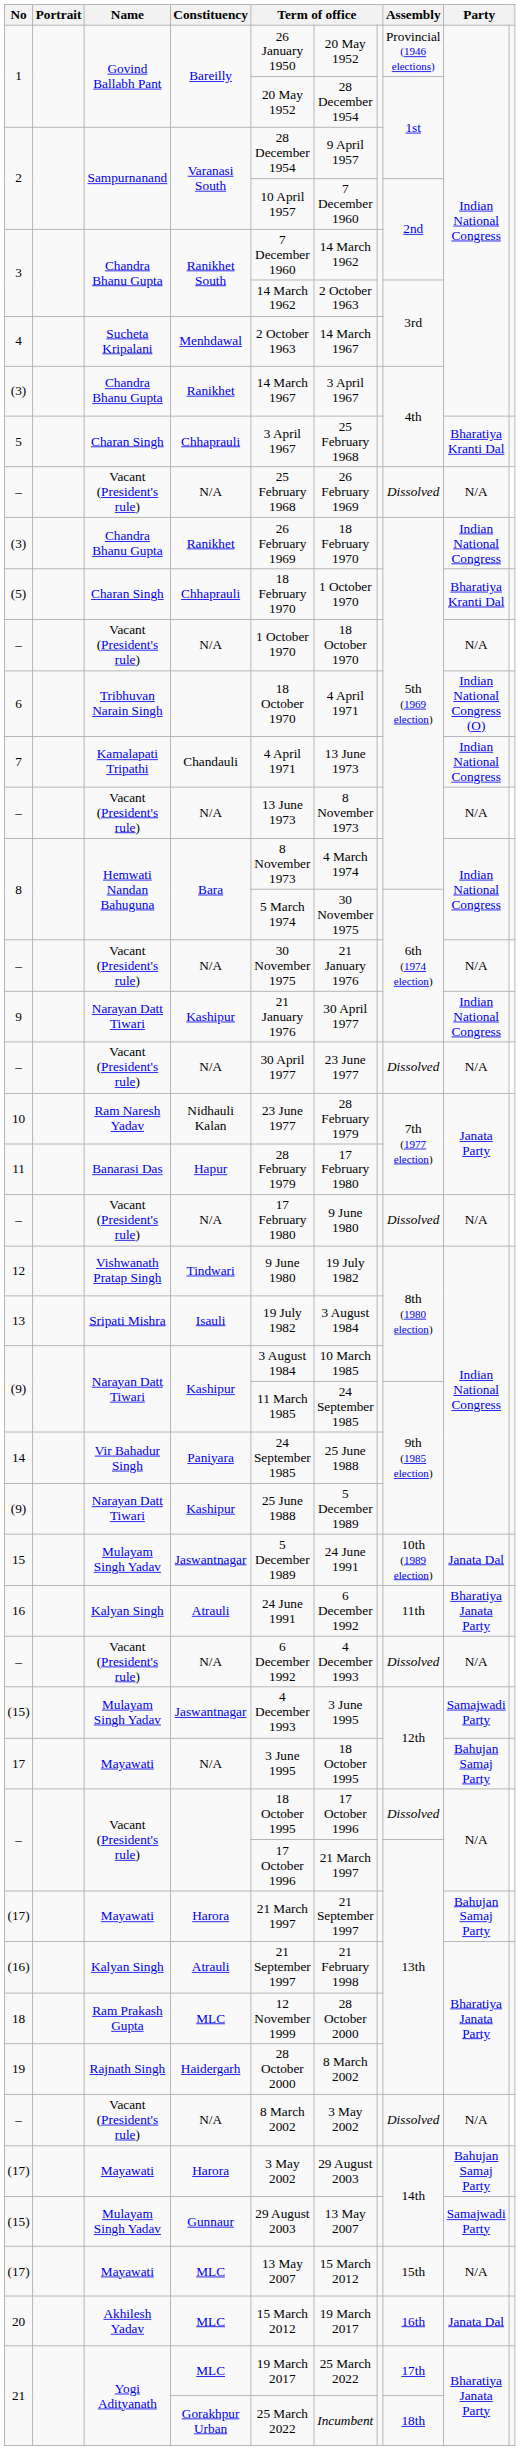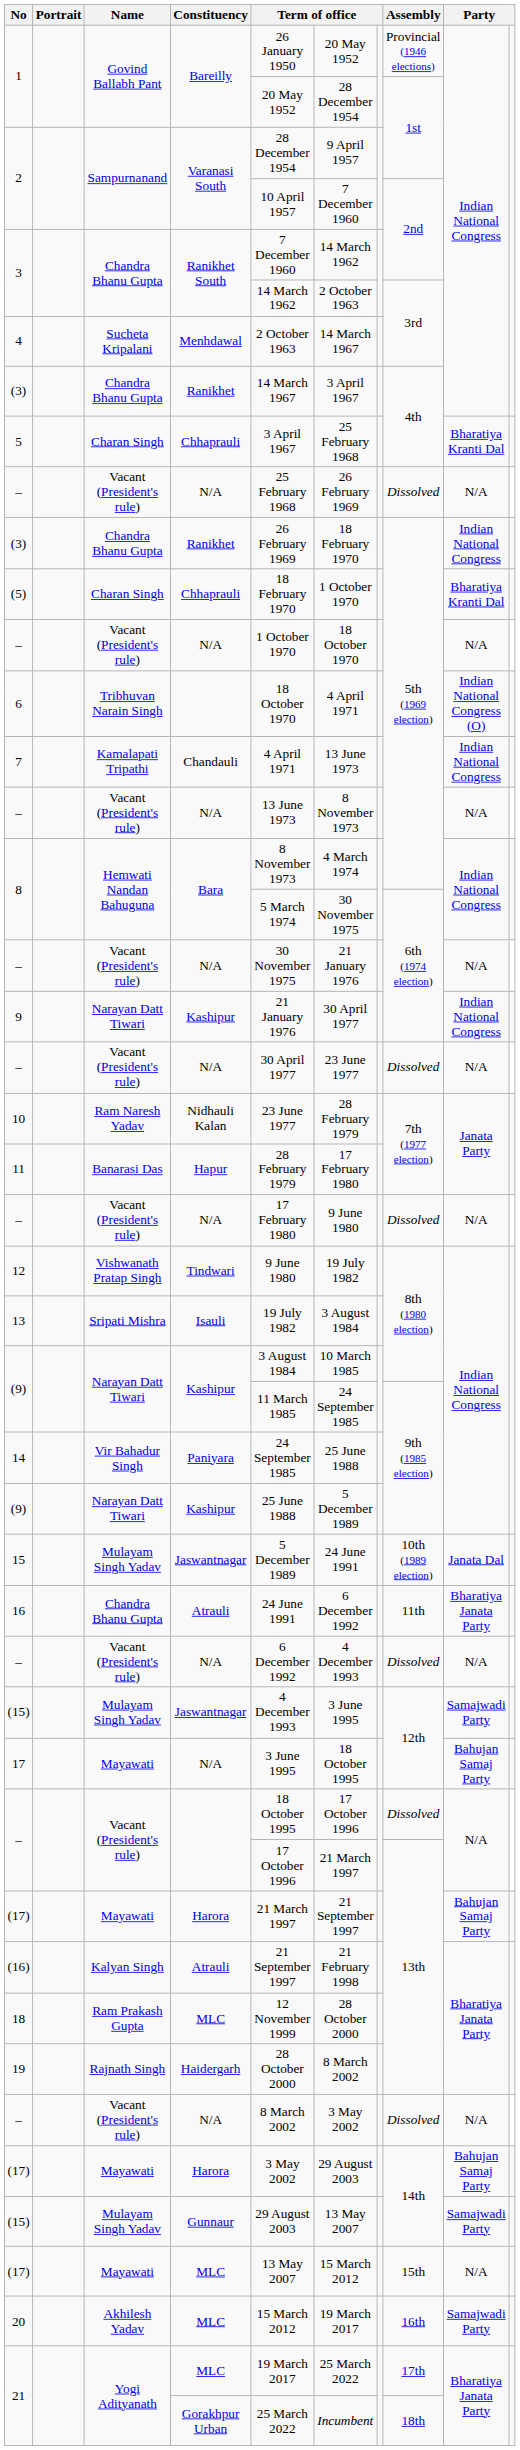 <table class="wikitable">
 <tr>
 <th>No</th>
 <th>Portrait</th>
 <th>Name</th>
 <th>Constituency</th>
 <th colspan="3">Term of office</th>
 <th>Assembly       <br></th>
 <th colspan="2">Party</th>
 </tr>
 <tr align="center">
 <td rowspan="2" style="height: 60px;">1</td>
 <td rowspan="2"></td>
 <td rowspan="2"><a href='#'>Govind Ballabh Pant</a></td>
 <td rowspan="2"><a href='#'>Bareilly</a></td>
 <td>26 January 1950</td>
 <td>20 May 1952</td>
 <td rowspan="2"></td>
 <td>Provincial<br><a href='#'><small>(1946 elections)</small></a></td>
 <td rowspan="8"><a href='#'>Indian National Congress</a></td>
 <td rowspan="8" style="background-color: "></td>
 </tr>
 <tr align="center">
 <td>20 May 1952</td>
 <td>28 December 1954</td>
 <td rowspan="2"><a href='#'>1st</a><br></td>
 </tr>
 <tr align="center">
 <td rowspan="2" style="height: 60px;">2</td>
 <td rowspan="2"></td>
 <td rowspan="2"><a href='#'>Sampurnanand</a></td>
 <td rowspan="2"><a href='#'>Varanasi South</a></td>
 <td>28 December 1954</td>
 <td>9 April 1957</td>
 <td rowspan="2"></td>
 </tr>
 <tr align="center">
 <td>10 April 1957</td>
 <td>7 December 1960</td>
 <td rowspan="2"><a href='#'>2nd</a><br></td>
 </tr>
 <tr align="center">
 <td rowspan="2" style="height: 60px;">3</td>
 <td rowspan="2"></td>
 <td rowspan="2"><a href='#'>Chandra Bhanu Gupta</a></td>
 <td rowspan="2"><a href='#'>Ranikhet South</a></td>
 <td>7 December 1960</td>
 <td>14 March 1962</td>
 <td rowspan="2"></td>
 </tr>
 <tr align="center">
 <td>14 March 1962</td>
 <td>2 October 1963</td>
 <td rowspan="2">3rd<br></td>
 </tr>
 <tr align="center" style="height: 60px;">
 <td>4</td>
 <td></td>
 <td><a href='#'>Sucheta Kripalani</a></td>
 <td><a href='#'>Menhdawal</a></td>
 <td>2 October 1963</td>
 <td>14 March 1967</td>
 <td></td>
 </tr>
 <tr align="center" style="height: 60px;">
 <td>(3)</td>
 <td></td>
 <td><a href='#'>Chandra Bhanu Gupta</a></td>
 <td><a href='#'>Ranikhet</a></td>
 <td>14 March 1967</td>
 <td>3 April 1967</td>
 <td></td>
 <td rowspan="2">4th<br></td>
 </tr>
 <tr align="center" style="height: 60px;">
 <td>5</td>
 <td></td>
 <td><a href='#'>Charan Singh</a></td>
 <td><a href='#'>Chhaprauli</a></td>
 <td>3 April 1967</td>
 <td>25 February 1968</td>
 <td></td>
 <td><a href='#'>Bharatiya Kranti Dal</a></td>
 <td style="background-color: "></td>
 </tr>
 <tr align="center" style="height: 60px;">
 <td>–</td>
 <td></td>
 <td>Vacant<br>(<a href='#'>President's rule</a>)</td>
 <td>N/A</td>
 <td>25 February 1968</td>
 <td>26 February 1969</td>
 <td></td>
 <td><em>Dissolved</em></td>
 <td>N/A</td>
 <td style="background-color: white"></td>
 </tr>
 <tr align="center" style="height: 60px;">
 <td>(3)</td>
 <td></td>
 <td><a href='#'>Chandra Bhanu Gupta</a></td>
 <td><a href='#'>Ranikhet</a></td>
 <td>26 February 1969</td>
 <td>18 February 1970</td>
 <td></td>
 <td rowspan="7">5th<br><small>(<a href='#'>1969 election</a>)</small></td>
 <td><a href='#'>Indian National Congress</a></td>
 <td style="background-color: "></td>
 </tr>
 <tr align="center" style="height: 60px;">
 <td>(5)</td>
 <td></td>
 <td><a href='#'>Charan Singh</a></td>
 <td><a href='#'>Chhaprauli</a></td>
 <td>18 February 1970</td>
 <td>1 October 1970</td>
 <td></td>
 <td><a href='#'>Bharatiya Kranti Dal</a></td>
 <td style="background-color: "></td>
 </tr>
 <tr align="center" style="height: 60px;">
 <td>–</td>
 <td></td>
 <td>Vacant<br>(<a href='#'>President's rule</a>)</td>
 <td>N/A</td>
 <td>1 October 1970</td>
 <td>18 October 1970</td>
 <td></td>
 <td>N/A</td>
 <td style="background-color: white"></td>
 </tr>
 <tr align="center" style="height: 60px;">
 <td>6</td>
 <td></td>
 <td><a href='#'>Tribhuvan Narain Singh</a></td>
 <td></td>
 <td>18 October 1970</td>
 <td>4 April 1971</td>
 <td></td>
 <td><a href='#'>Indian National Congress (O)</a></td>
 <td style="background-color: "></td>
 </tr>
 <tr align="center" style="height: 60px;">
 <td>7</td>
 <td></td>
 <td><a href='#'>Kamalapati Tripathi</a></td>
 <td>Chandauli</td>
 <td>4 April 1971</td>
 <td>13 June 1973</td>
 <td></td>
 <td><a href='#'>Indian National Congress</a></td>
 <td style="background-color: "></td>
 </tr>
 <tr align="center" style="height: 60px;">
 <td>–</td>
 <td></td>
 <td>Vacant<br>(<a href='#'>President's rule</a>)</td>
 <td>N/A</td>
 <td>13 June 1973</td>
 <td>8 November 1973</td>
 <td></td>
 <td>N/A</td>
 <td style="background-color: white"></td>
 </tr>
 <tr align="center">
 <td rowspan="2" style="height: 60px;">8</td>
 <td rowspan="2"></td>
 <td rowspan="2"><a href='#'>Hemwati Nandan Bahuguna</a></td>
 <td rowspan="2"><a href='#'>Bara</a></td>
 <td>8 November 1973</td>
 <td>4 March 1974</td>
 <td rowspan="2"></td>
 <td rowspan="2"><a href='#'>Indian National Congress</a></td>
 <td rowspan="2" style="background-color: "></td>
 </tr>
 <tr align="center">
 <td>5 March 1974</td>
 <td>30 November 1975</td>
 <td rowspan="3">6th<br><small>(<a href='#'>1974 election</a>)</small></td>
 </tr>
 <tr align="center" style="height: 60px;">
 <td>–</td>
 <td></td>
 <td>Vacant<br>(<a href='#'>President's rule</a>)</td>
 <td>N/A</td>
 <td>30 November 1975</td>
 <td>21 January 1976</td>
 <td></td>
 <td>N/A</td>
 <td style="background-color: white"></td>
 </tr>
 <tr align="center" style="height: 60px;">
 <td>9</td>
 <td></td>
 <td><a href='#'>Narayan Datt Tiwari</a></td>
 <td><a href='#'>Kashipur</a></td>
 <td>21 January 1976</td>
 <td>30 April 1977</td>
 <td></td>
 <td><a href='#'>Indian National Congress</a></td>
 <td style="background-color: "></td>
 </tr>
 <tr align="center" style="height: 60px;">
 <td>–</td>
 <td></td>
 <td>Vacant<br>(<a href='#'>President's rule</a>)</td>
 <td>N/A</td>
 <td>30 April 1977</td>
 <td>23 June 1977</td>
 <td></td>
 <td><em>Dissolved</em></td>
 <td>N/A</td>
 <td style="background-color: white"></td>
 </tr>
 <tr align="center" style="height: 60px;">
 <td>10</td>
 <td></td>
 <td><a href='#'>Ram Naresh Yadav</a></td>
 <td>Nidhauli Kalan</td>
 <td>23 June 1977</td>
 <td>28 February 1979</td>
 <td></td>
 <td rowspan="2">7th<br><small>(<a href='#'>1977 election</a>)</small></td>
 <td rowspan="2"><a href='#'>Janata Party</a></td>
 <td rowspan="2" style="background-color: "></td>
 </tr>
 <tr align="center" style="height: 60px;">
 <td>11</td>
 <td></td>
 <td><a href='#'>Banarasi Das</a></td>
 <td><a href='#'>Hapur</a></td>
 <td>28 February 1979</td>
 <td>17 February 1980</td>
 <td></td>
 </tr>
 <tr align="center" style="height: 60px;">
 <td>–</td>
 <td></td>
 <td>Vacant<br>(<a href='#'>President's rule</a>)</td>
 <td>N/A</td>
 <td>17 February 1980</td>
 <td>9 June 1980</td>
 <td></td>
 <td><em>Dissolved</em></td>
 <td>N/A</td>
 <td style="background-color: white"></td>
 </tr>
 <tr align="center" style="height: 60px;">
 <td>12</td>
 <td></td>
 <td><a href='#'>Vishwanath Pratap Singh</a></td>
 <td><a href='#'>Tindwari</a></td>
 <td>9 June 1980</td>
 <td>19 July 1982</td>
 <td></td>
 <td rowspan="3">8th<br><small>(<a href='#'>1980 election</a>)</small></td>
 <td rowspan="6"><a href='#'>Indian National Congress</a></td>
 <td rowspan="6" style="background-color: "></td>
 </tr>
 <tr align="center" style="height: 60px;">
 <td>13</td>
 <td></td>
 <td><a href='#'>Sripati Mishra</a></td>
 <td><a href='#'>Isauli</a></td>
 <td>19 July 1982</td>
 <td>3 August 1984</td>
 <td></td>
 </tr>
 <tr align="center">
 <td rowspan="2" style="height: 60px;">(9)</td>
 <td rowspan="2"></td>
 <td rowspan="2"><a href='#'>Narayan Datt Tiwari</a></td>
 <td rowspan="2"><a href='#'>Kashipur</a></td>
 <td>3 August 1984</td>
 <td>10 March 1985</td>
 <td rowspan="2"></td>
 </tr>
 <tr align="center">
 <td>11 March 1985</td>
 <td>24 September 1985</td>
 <td rowspan="3">9th<br><small>(<a href='#'>1985 election</a>)</small></td>
 </tr>
 <tr align="center" style="height: 60px;">
 <td>14</td>
 <td></td>
 <td><a href='#'>Vir Bahadur Singh</a></td>
 <td><a href='#'>Paniyara</a></td>
 <td>24 September 1985</td>
 <td>25 June 1988</td>
 <td></td>
 </tr>
 <tr align="center" style="height: 60px;">
 <td>(9)</td>
 <td></td>
 <td><a href='#'>Narayan Datt Tiwari</a></td>
 <td><a href='#'>Kashipur</a></td>
 <td>25 June 1988</td>
 <td>5 December 1989</td>
 <td></td>
 </tr>
 <tr align="center" style="height: 60px;">
 <td>15</td>
 <td></td>
 <td><a href='#'>Mulayam Singh Yadav</a></td>
 <td><a href='#'>Jaswantnagar</a></td>
 <td>5 December 1989</td>
 <td>24 June 1991</td>
 <td></td>
 <td>10th<br><small>(<a href='#'>1989 election</a>)</small></td>
 <td><a href='#'>Janata Dal</a></td>
 <td style="background-color: "></td>
 </tr>
 <tr align="center" style="height: 60px;">
 <td>16</td>
 <td></td>
-<td><a href='#'>Kalyan Singh</a></td>
+<td><a href='#'>Chandra Bhanu Gupta</a></td>
 <td><a href='#'>Atrauli</a></td>
 <td>24 June 1991</td>
 <td>6 December 1992</td>
 <td></td>
 <td>11th<br></td>
 <td><a href='#'>Bharatiya Janata Party</a></td>
 <td style="background-color: "></td>
 </tr>
 <tr align="center" style="height: 60px;">
 <td>–</td>
 <td></td>
 <td>Vacant<br>(<a href='#'>President's rule</a>)</td>
 <td>N/A</td>
 <td>6 December 1992</td>
 <td>4 December 1993</td>
 <td></td>
 <td><em>Dissolved</em></td>
 <td>N/A</td>
 <td style="background-color: white"></td>
 </tr>
 <tr align="center" style="height: 60px;">
 <td>(15)</td>
 <td></td>
 <td><a href='#'>Mulayam Singh Yadav</a></td>
 <td><a href='#'>Jaswantnagar</a></td>
 <td>4 December 1993</td>
 <td>3 June 1995</td>
 <td></td>
 <td rowspan="2">12th<br></td>
 <td><a href='#'>Samajwadi Party</a></td>
 <td style="background-color:"></td>
 </tr>
 <tr align="center" style="height: 60px;">
 <td>17</td>
 <td></td>
 <td><a href='#'>Mayawati</a></td>
 <td>N/A</td>
 <td>3 June 1995</td>
 <td>18 October 1995</td>
 <td></td>
 <td><a href='#'>Bahujan Samaj Party</a></td>
 <td style="background-color: "></td>
 </tr>
 <tr align="center">
 <td rowspan="2" style="height: 60px;">–</td>
 <td rowspan="2"></td>
 <td rowspan="2">Vacant<br>(<a href='#'>President's rule</a>)</td>
 <td rowspan="2"></td>
 <td>18 October 1995</td>
 <td>17 October 1996</td>
 <td rowspan="2"></td>
 <td><em>Dissolved</em></td>
 <td rowspan="2">N/A</td>
 <td rowspan="2" style="background-color: white"></td>
 </tr>
 <tr align="center">
 <td>17 October 1996</td>
 <td>21 March 1997</td>
 <td rowspan="5">13th<br></td>
 </tr>
 <tr align="center" style="height: 60px;">
 <td>(17)</td>
 <td></td>
 <td><a href='#'>Mayawati</a></td>
 <td><a href='#'>Harora</a></td>
 <td>21 March 1997</td>
 <td>21 September 1997</td>
 <td></td>
 <td><a href='#'>Bahujan Samaj Party</a></td>
 <td style="background-color: "></td>
 </tr>
 <tr align="center" style="height: 60px;">
 <td>(16)</td>
 <td></td>
 <td><a href='#'>Kalyan Singh</a></td>
 <td><a href='#'>Atrauli</a></td>
 <td>21 September 1997</td>
 <td>21 February 1998</td>
 <td></td>
 <td rowspan="3"><a href='#'>Bharatiya Janata Party</a></td>
 <td rowspan="3" style="background-color: "></td>
 </tr>
 <tr align="center" style="height: 60px;">
 <td>18</td>
 <td></td>
 <td><a href='#'>Ram Prakash Gupta</a></td>
 <td><a href='#'>MLC</a></td>
 <td>12 November 1999</td>
 <td>28 October 2000</td>
 <td></td>
 </tr>
 <tr align="center" style="height: 60px;">
 <td>19</td>
 <td></td>
 <td><a href='#'>Rajnath Singh</a></td>
 <td><a href='#'>Haidergarh</a></td>
 <td>28 October 2000</td>
 <td>8 March 2002</td>
 <td></td>
 </tr>
 <tr align="center" style="height: 60px;">
 <td>–</td>
 <td></td>
 <td>Vacant<br>(<a href='#'>President's rule</a>)</td>
 <td>N/A</td>
 <td>8 March 2002</td>
 <td>3 May 2002</td>
 <td></td>
 <td><em>Dissolved</em></td>
 <td>N/A</td>
 <td style="background-color: white"></td>
 </tr>
 <tr align="center" style="height: 60px;">
 <td>(17)</td>
 <td></td>
 <td><a href='#'>Mayawati</a></td>
 <td><a href='#'>Harora</a></td>
 <td>3 May 2002</td>
 <td>29 August 2003</td>
 <td></td>
 <td rowspan="2">14th<br></td>
 <td><a href='#'>Bahujan Samaj Party</a></td>
 <td style="background-color: "></td>
 </tr>
 <tr align="center" style="height: 60px;">
 <td>(15)</td>
 <td></td>
 <td><a href='#'>Mulayam Singh Yadav</a></td>
 <td><a href='#'>Gunnaur</a></td>
 <td>29 August 2003</td>
 <td>13 May 2007</td>
 <td></td>
 <td><a href='#'>Samajwadi Party</a></td>
 <td style="background-color: "></td>
 </tr>
 <tr align="center" style="height: 60px;">
 <td>(17)</td>
 <td></td>
 <td><a href='#'>Mayawati</a></td>
 <td><a href='#'>MLC</a></td>
 <td>13 May 2007</td>
 <td>15 March 2012</td>
 <td></td>
 <td>15th<br></td>
 <td>N/A</td>
 <td style="background-color: "></td>
 </tr>
 <tr align="center" style="height: 60px;">
 <td>20</td>
 <td></td>
 <td><a href='#'>Akhilesh Yadav</a></td>
 <td><a href='#'>MLC</a></td>
 <td>15 March 2012</td>
 <td>19 March 2017</td>
 <td></td>
 <td><a href='#'>16th</a><br></td>
-<td><a href='#'>Janata Dal</a></td>
+<td><a href='#'>Samajwadi Party</a></td>
 <td style="background-color:"></td>
 </tr>
 <tr align="center" style="height: 60px;">
 <td rowspan="2">21</td>
 <td rowspan="2"></td>
 <td rowspan="2"><a href='#'>Yogi Adityanath</a></td>
 <td><a href='#'>MLC</a></td>
 <td>19 March 2017</td>
 <td>25 March 2022</td>
 <td rowspan="2"></td>
 <td><a href='#'>17th</a><br></td>
 <td rowspan="2"><a href='#'>Bharatiya Janata Party</a></td>
 <td rowspan="2" style="background-color: "></td>
 </tr>
 <tr align="center" style="height: 60px;">
 <td><a href='#'>Gorakhpur Urban</a></td>
 <td>25 March 2022</td>
 <td><em>Incumbent</em></td>
 <td><a href='#'>18th</a><br></td>
 </tr>
 </table>
